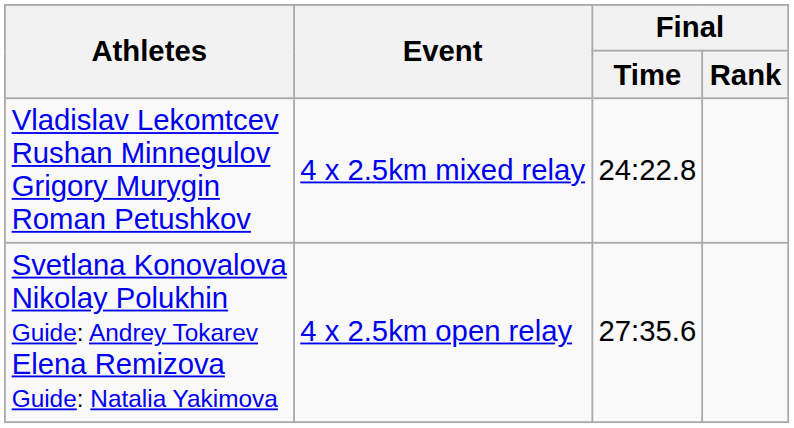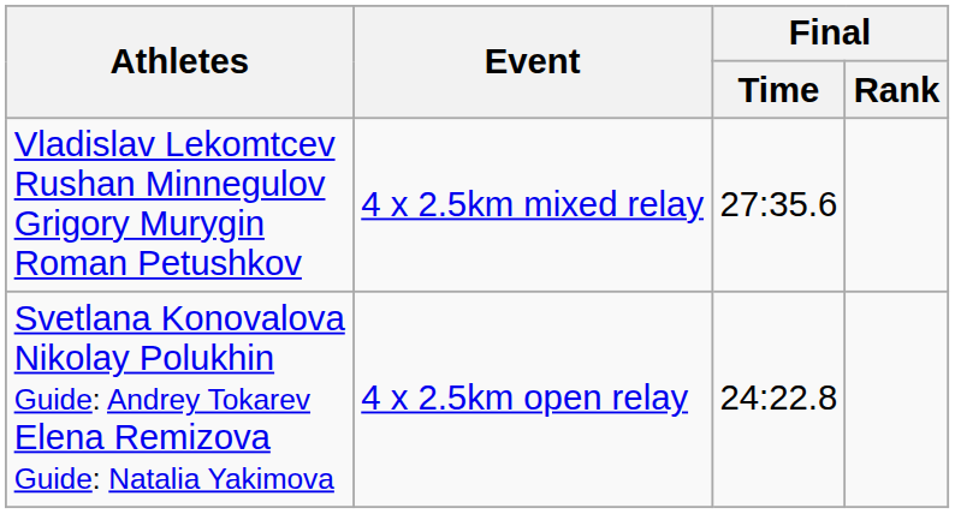 <table class="wikitable" style="font-size:100%">
 <tr>
 <th rowspan="2">Athletes</th>
 <th rowspan="2">Event</th>
 <th colspan="2">Final</th>
 </tr>
 <tr>
 <th>Time</th>
 <th>Rank</th>
 </tr>
 <tr>
 <td><a href='#'>Vladislav Lekomtcev</a><br><a href='#'>Rushan Minnegulov</a><br><a href='#'>Grigory Murygin</a><br><a href='#'>Roman Petushkov</a></td>
 <td><a href='#'>4 x 2.5km mixed relay</a></td>
-<td align="center">24:22.8</td>
+<td align="center">27:35.6</td>
 <td align="center"></td>
 </tr>
 <tr>
 <td><a href='#'>Svetlana Konovalova</a><br><a href='#'>Nikolay Polukhin</a><br><small><a href='#'>Guide</a>: <a href='#'>Andrey Tokarev</a> </small><br><a href='#'>Elena Remizova</a><br><small><a href='#'>Guide</a>: <a href='#'>Natalia Yakimova</a></small><br></td>
 <td><a href='#'>4 x 2.5km open relay</a></td>
-<td align="center">27:35.6</td>
+<td align="center">24:22.8</td>
 <td align="center"></td>
 </tr>
 </table>
